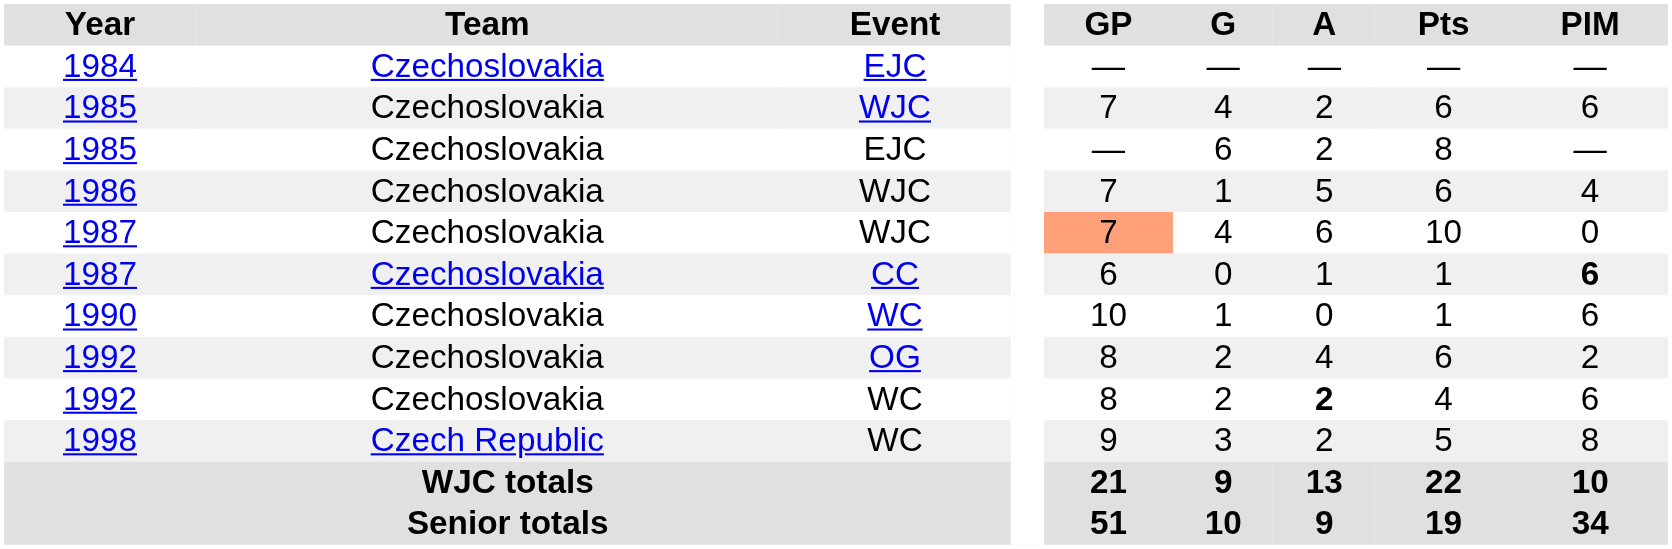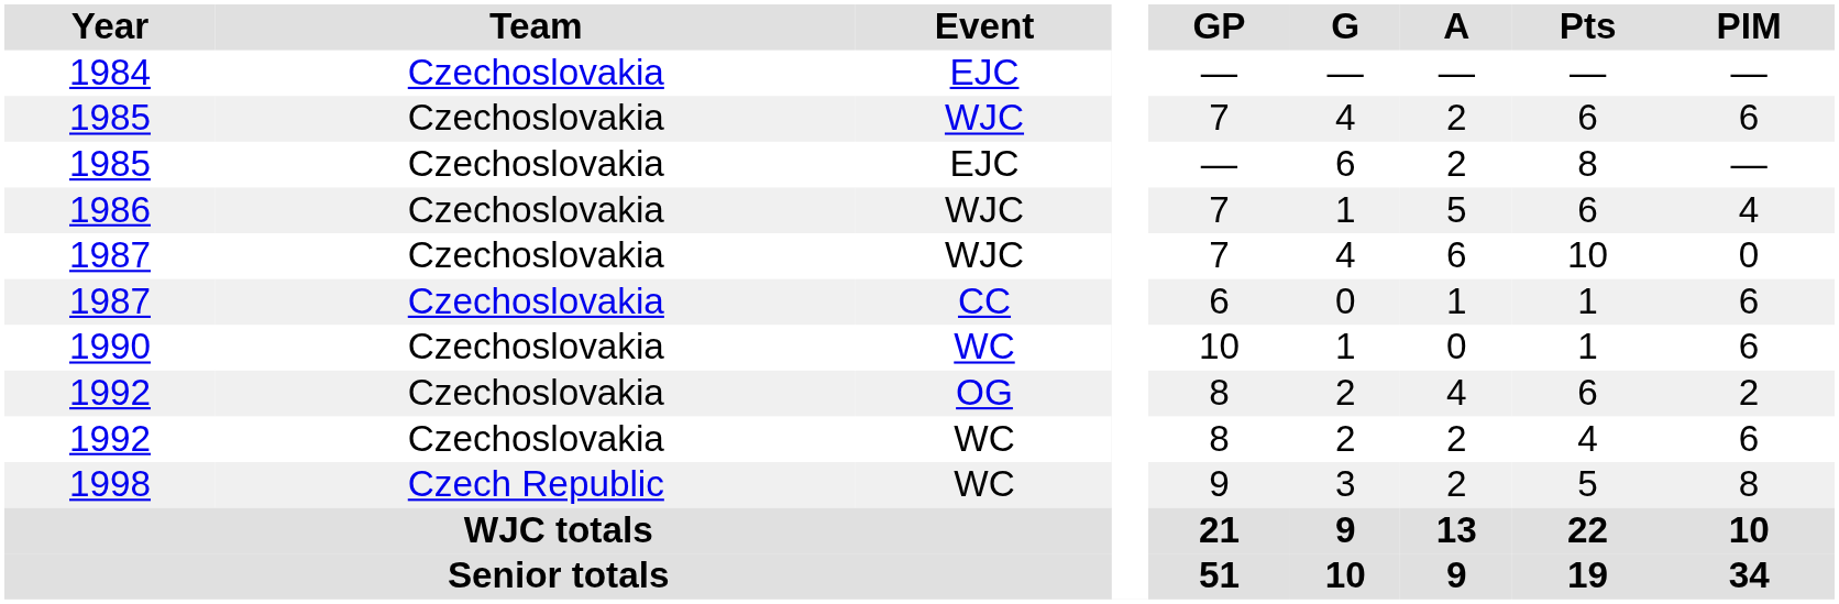 <table border="0" cellpadding="1" cellspacing="0" style="text-align:center; width:50em">
 <tr align="center" bgcolor="#e0e0e0">
 <th>Year</th>
 <th>Team</th>
 <th>Event</th>
 <th rowspan="99" bgcolor="#ffffff"> </th>
 <th>GP</th>
 <th>G</th>
 <th>A</th>
 <th>Pts</th>
 <th>PIM</th>
 </tr>
 <tr>
 <td><a href='#'>1984</a></td>
 <td><a href='#'>Czechoslovakia</a></td>
 <td><a href='#'>EJC</a></td>
 <td>—</td>
 <td>—</td>
 <td>—</td>
 <td>—</td>
 <td>—</td>
 </tr>
 <tr bgcolor="#f0f0f0">
 <td><a href='#'>1985</a></td>
 <td>Czechoslovakia</td>
 <td><a href='#'>WJC</a></td>
 <td>7</td>
 <td>4</td>
 <td>2</td>
 <td>6</td>
 <td>6</td>
 </tr>
 <tr>
 <td><a href='#'>1985</a></td>
 <td>Czechoslovakia</td>
 <td>EJC</td>
 <td>—</td>
 <td>6</td>
 <td>2</td>
 <td>8</td>
 <td>—</td>
 </tr>
 <tr bgcolor="#f0f0f0">
 <td><a href='#'>1986</a></td>
 <td>Czechoslovakia</td>
 <td>WJC</td>
 <td>7</td>
 <td>1</td>
 <td>5</td>
 <td>6</td>
 <td>4</td>
 </tr>
 <tr>
 <td><a href='#'>1987</a></td>
 <td>Czechoslovakia</td>
 <td>WJC</td>
-<td style="background: lightsalmon;">7</td>
+<td>7</td>
 <td>4</td>
 <td>6</td>
 <td>10</td>
 <td>0</td>
 </tr>
 <tr bgcolor="#f0f0f0">
 <td><a href='#'>1987</a></td>
 <td><a href='#'>Czechoslovakia</a></td>
 <td><a href='#'>CC</a></td>
 <td>6</td>
 <td>0</td>
 <td>1</td>
 <td>1</td>
-<td><strong>6</strong></td>
+<td>6</td>
 </tr>
 <tr>
 <td><a href='#'>1990</a></td>
 <td>Czechoslovakia</td>
 <td><a href='#'>WC</a></td>
 <td>10</td>
 <td>1</td>
 <td>0</td>
 <td>1</td>
 <td>6</td>
 </tr>
 <tr bgcolor="#f0f0f0">
 <td><a href='#'>1992</a></td>
 <td>Czechoslovakia</td>
 <td><a href='#'>OG</a></td>
 <td>8</td>
 <td>2</td>
 <td>4</td>
 <td>6</td>
 <td>2</td>
 </tr>
 <tr>
 <td><a href='#'>1992</a></td>
 <td>Czechoslovakia</td>
 <td>WC</td>
 <td>8</td>
 <td>2</td>
-<td><strong>2</strong></td>
+<td>2</td>
 <td>4</td>
 <td>6</td>
 </tr>
 <tr bgcolor="#f0f0f0">
 <td><a href='#'>1998</a></td>
 <td><a href='#'>Czech Republic</a></td>
 <td>WC</td>
 <td>9</td>
 <td>3</td>
 <td>2</td>
 <td>5</td>
 <td>8</td>
 </tr>
 <tr bgcolor="#e0e0e0">
 <th colspan=3>WJC totals</th>
 <th>21</th>
 <th>9</th>
 <th>13</th>
 <th>22</th>
 <th>10</th>
 </tr>
 <tr bgcolor="#e0e0e0">
 <th colspan=3>Senior totals</th>
 <th>51</th>
 <th>10</th>
 <th>9</th>
 <th>19</th>
 <th>34</th>
 </tr>
 </table>
